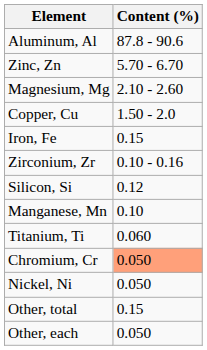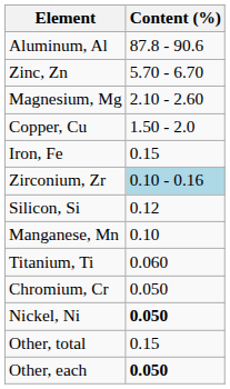 <table class="wikitable">
 <tr>
 <th>Element</th>
 <th>Content (%)</th>
 </tr>
 <tr>
 <td>Aluminum, Al</td>
 <td>87.8 - 90.6</td>
 </tr>
 <tr>
 <td>Zinc, Zn</td>
 <td>5.70 - 6.70</td>
 </tr>
 <tr>
 <td>Magnesium, Mg</td>
 <td>2.10 - 2.60</td>
 </tr>
 <tr>
 <td>Copper, Cu</td>
 <td>1.50 - 2.0</td>
 </tr>
 <tr>
 <td>Iron, Fe</td>
 <td>0.15</td>
 </tr>
 <tr>
 <td>Zirconium, Zr</td>
-<td>0.10 - 0.16</td>
+<td style="background: lightblue;">0.10 - 0.16</td>
 </tr>
 <tr>
 <td>Silicon, Si</td>
 <td>0.12</td>
 </tr>
 <tr>
 <td>Manganese, Mn</td>
 <td>0.10</td>
 </tr>
 <tr>
 <td>Titanium, Ti</td>
 <td>0.060</td>
 </tr>
 <tr>
 <td>Chromium, Cr</td>
-<td style="background: lightsalmon;">0.050</td>
+<td>0.050</td>
 </tr>
 <tr>
 <td>Nickel, Ni</td>
-<td>0.050</td>
+<td><strong>0.050</strong></td>
 </tr>
 <tr>
 <td>Other, total</td>
 <td>0.15</td>
 </tr>
 <tr>
 <td>Other, each</td>
-<td>0.050</td>
+<td><strong>0.050</strong></td>
 </tr>
 </table>
